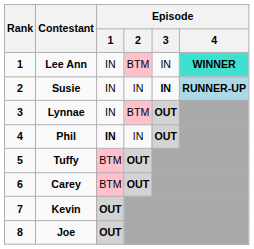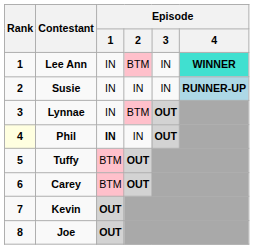 <table class="wikitable" style="text-align: center; font-size: 8.5pt; line-height:20px;">
 <tr>
 <th rowspan=2>Rank</th>
 <th rowspan=2>Contestant</th>
 <th colspan=4>Episode</th>
 </tr>
 <tr>
 <th>1</th>
 <th>2</th>
 <th>3</th>
 <th>4</th>
 </tr>
 <tr>
 <td><strong>1</strong></td>
 <td><strong>Lee Ann</strong></td>
 <td>IN</td>
 <td style="background:pink;">BTM</td>
 <td>IN</td>
 <td style="background:turquoise"><strong>WINNER</strong></td>
 </tr>
 <tr>
 <td><strong>2</strong></td>
 <td><strong>Susie</strong></td>
 <td>IN</td>
 <td>IN</td>
-<td><strong>IN</strong></td>
+<td>IN</td>
 <td style="background:lightblue"><strong>RUNNER-UP</strong></td>
 </tr>
 <tr>
 <td><strong>3</strong></td>
 <td><strong>Lynnae</strong></td>
 <td>IN</td>
 <td style="background:pink;">BTM</td>
 <td style="background:lightgray;"><strong>OUT</strong></td>
 <td style="background:darkgrey;"></td>
 </tr>
 <tr>
-<td><strong>4</strong></td>
+<td style="background: lightyellow;"><strong>4</strong></td>
 <td><strong>Phil</strong></td>
 <td><strong>IN</strong></td>
 <td>IN</td>
 <td style="background:lightgray;"><strong>OUT</strong></td>
 <td style="background:darkgrey;"></td>
 </tr>
 <tr>
 <td><strong>5</strong></td>
 <td><strong>Tuffy</strong></td>
 <td style="background:pink;">BTM</td>
 <td style="background:lightgray;"><strong>OUT</strong></td>
 <td colspan=2 style="background:darkgrey;"></td>
 </tr>
 <tr>
 <td><strong>6</strong></td>
 <td><strong>Carey</strong></td>
 <td style="background:pink;">BTM</td>
 <td style="background:lightgray;"><strong>OUT</strong></td>
 <td colspan=2 style="background:darkgrey;"></td>
 </tr>
 <tr>
 <td><strong>7</strong></td>
 <td><strong>Kevin</strong></td>
 <td style="background:lightgray;"><strong>OUT</strong></td>
 <td colspan=3 style="background:darkgrey;"></td>
 </tr>
 <tr>
 <td><strong>8</strong></td>
 <td><strong>Joe</strong></td>
 <td style="background:lightgray;"><strong>OUT</strong></td>
 <td colspan=3 style="background:darkgrey;"></td>
 </tr>
 </table>
